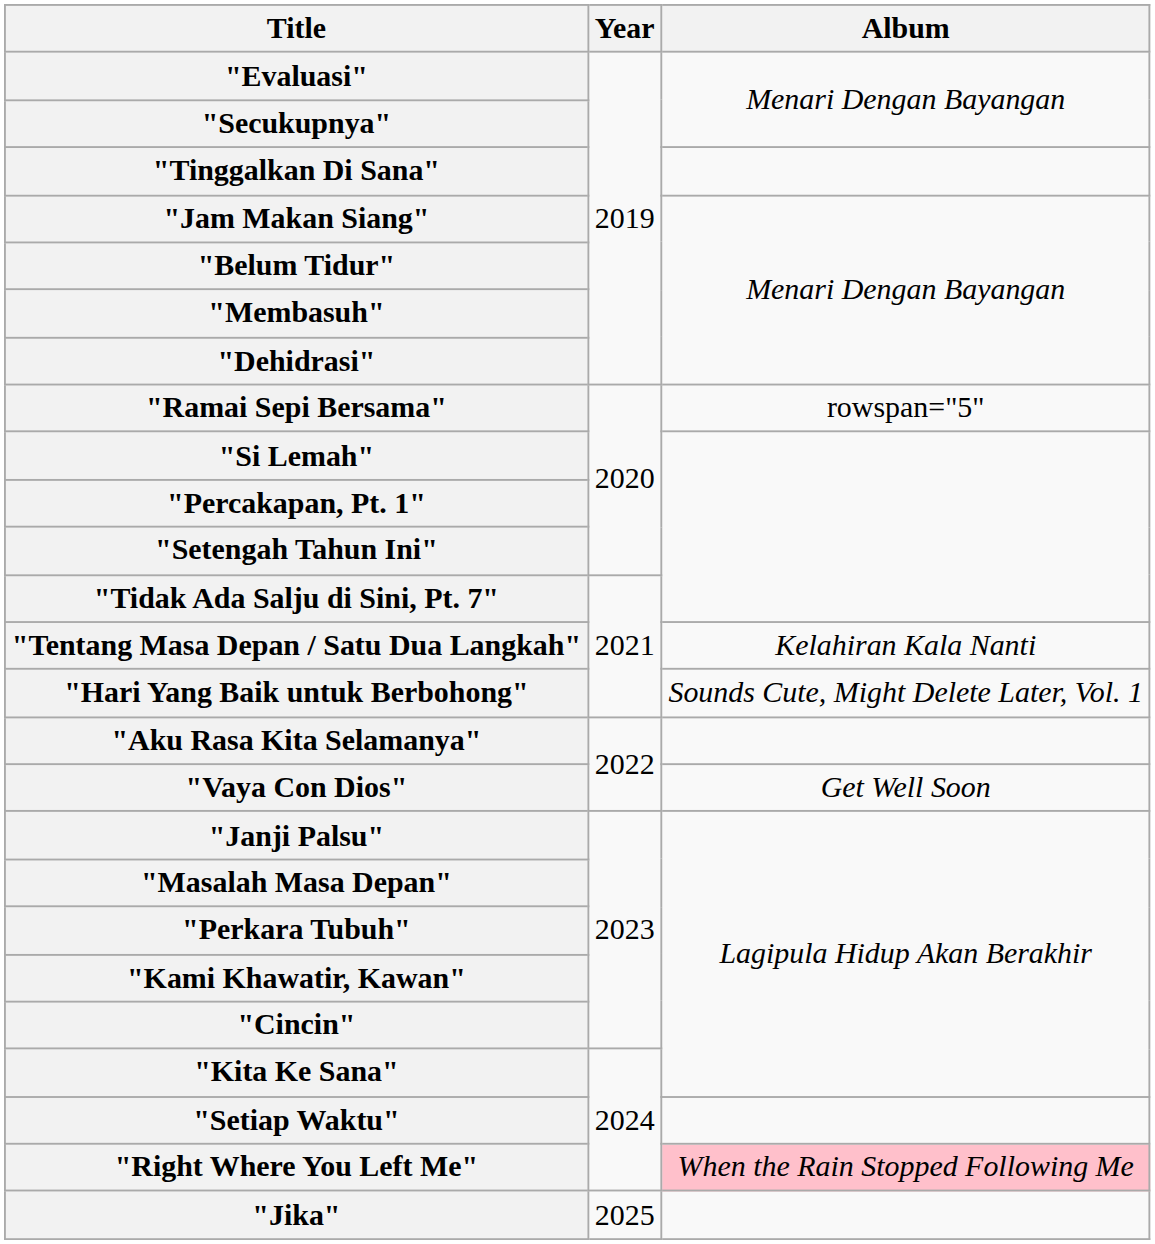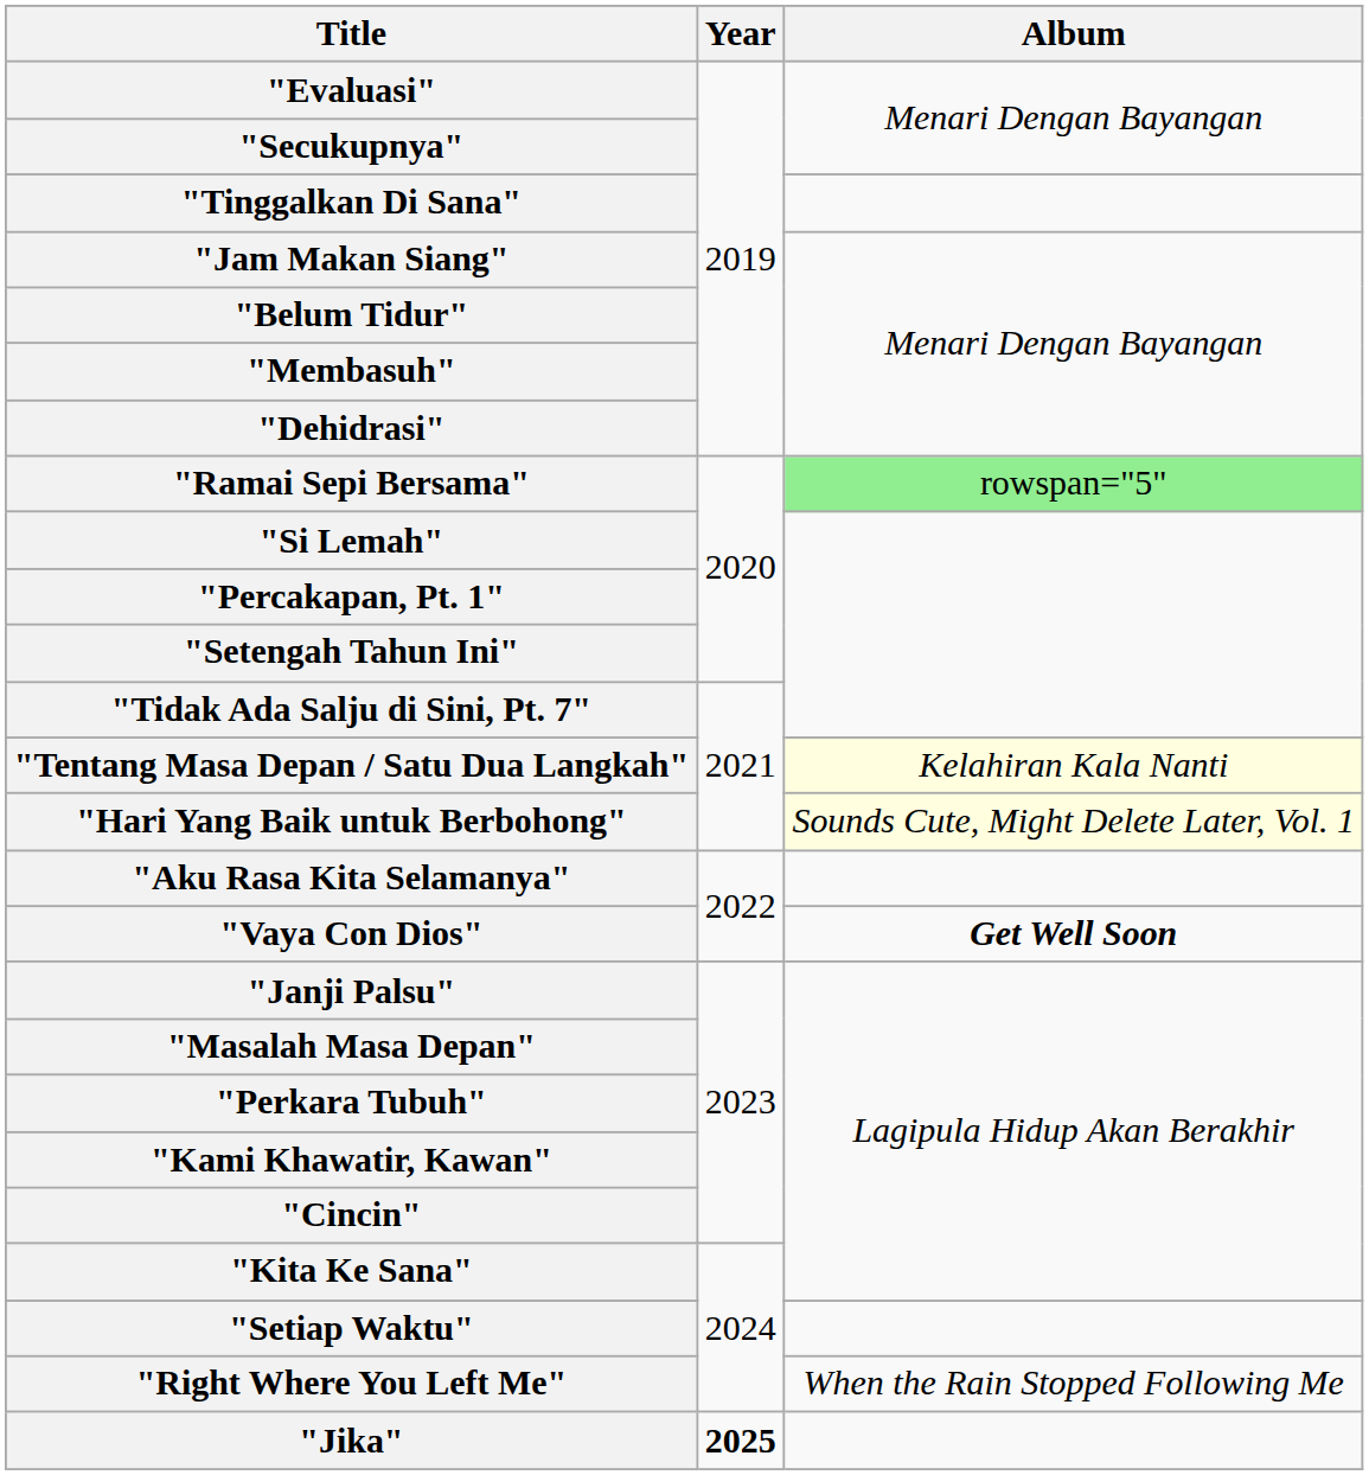 <table class="wikitable plainrowheaders" style="text-align:center">
 <tr>
 <th scope="col">Title</th>
 <th>Year</th>
 <th scope="col">Album</th>
 </tr>
 <tr>
 <th scope="row">"Evaluasi"</th>
 <td rowspan="7">2019</td>
 <td rowspan="2"><em>Menari Dengan Bayangan</em></td>
 </tr>
 <tr>
 <th scope="row">"Secukupnya"</th>
 </tr>
 <tr>
 <th scope="row">"Tinggalkan Di Sana"</th>
 <td></td>
 </tr>
 <tr>
 <th scope="row">"Jam Makan Siang"<br></th>
 <td rowspan="4"><em>Menari Dengan Bayangan</em></td>
 </tr>
 <tr>
 <th scope="row">"Belum Tidur"<br></th>
 </tr>
 <tr>
 <th scope="row">"Membasuh"<br></th>
 </tr>
 <tr>
 <th scope="row">"Dehidrasi"<br></th>
 </tr>
 <tr>
 <th scope="row">"Ramai Sepi Bersama"</th>
 <td rowspan="4">2020</td>
-<td>rowspan="5" </td>
+<td style="background: lightgreen;">rowspan="5" </td>
 </tr>
 <tr>
 <th scope="row">"Si Lemah"<br></th>
 </tr>
 <tr>
 <th scope="row">"Percakapan, Pt. 1"<br></th>
 </tr>
 <tr>
 <th scope="row">"Setengah Tahun Ini"</th>
 </tr>
 <tr>
 <th scope="row">"Tidak Ada Salju di Sini, Pt. 7"<br></th>
 <td rowspan="3">2021</td>
 </tr>
 <tr>
 <th scope="row">"Tentang Masa Depan / Satu Dua Langkah"<br></th>
-<td><em>Kelahiran Kala Nanti</em></td>
+<td style="background: lightyellow;"><em>Kelahiran Kala Nanti</em></td>
 </tr>
 <tr>
 <th scope="row">"Hari Yang Baik untuk Berbohong"<br></th>
-<td><em>Sounds Cute, Might Delete Later, Vol. 1</em></td>
+<td style="background: lightyellow;"><em>Sounds Cute, Might Delete Later, Vol. 1</em></td>
 </tr>
 <tr>
 <th scope="row">"Aku Rasa Kita Selamanya"</th>
 <td rowspan="2">2022</td>
 <td></td>
 </tr>
 <tr>
 <th scope="row">"Vaya Con Dios"<br></th>
-<td><em>Get Well Soon</em></td>
+<td><strong><em>Get Well Soon</em></strong></td>
 </tr>
 <tr>
 <th scope="row">"Janji Palsu"</th>
 <td rowspan="5">2023</td>
 <td rowspan="6"><em>Lagipula Hidup Akan Berakhir</em></td>
 </tr>
 <tr>
 <th scope="row">"Masalah Masa Depan"</th>
 </tr>
 <tr>
 <th scope="row">"Perkara Tubuh"</th>
 </tr>
 <tr>
 <th scope="row">"Kami Khawatir, Kawan"</th>
 </tr>
 <tr>
 <th scope="row">"Cincin"</th>
 </tr>
 <tr>
 <th scope="row">"Kita Ke Sana"</th>
 <td rowspan="3">2024</td>
 </tr>
 <tr>
 <th scope="row">"Setiap Waktu"</th>
 <td></td>
 </tr>
 <tr>
 <th scope="row">"Right Where You Left Me"<br></th>
-<td style="background: pink;"><em>When the Rain Stopped Following Me</em></td>
+<td><em>When the Rain Stopped Following Me</em></td>
 </tr>
 <tr>
 <th scope="row">"Jika"<br></th>
-<td>2025</td>
+<td><strong>2025</strong></td>
 <td></td>
 </tr>
 </table>
